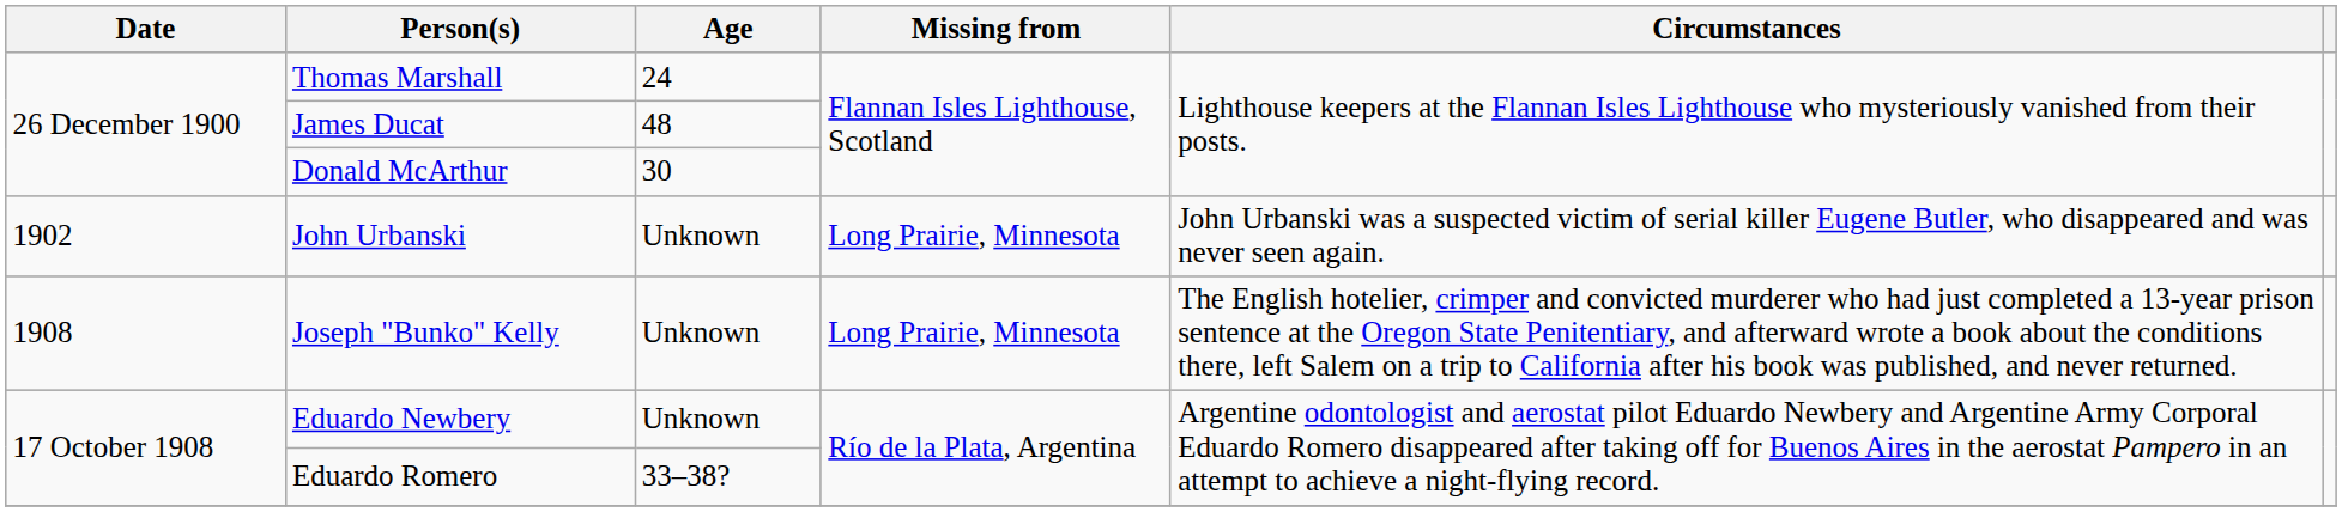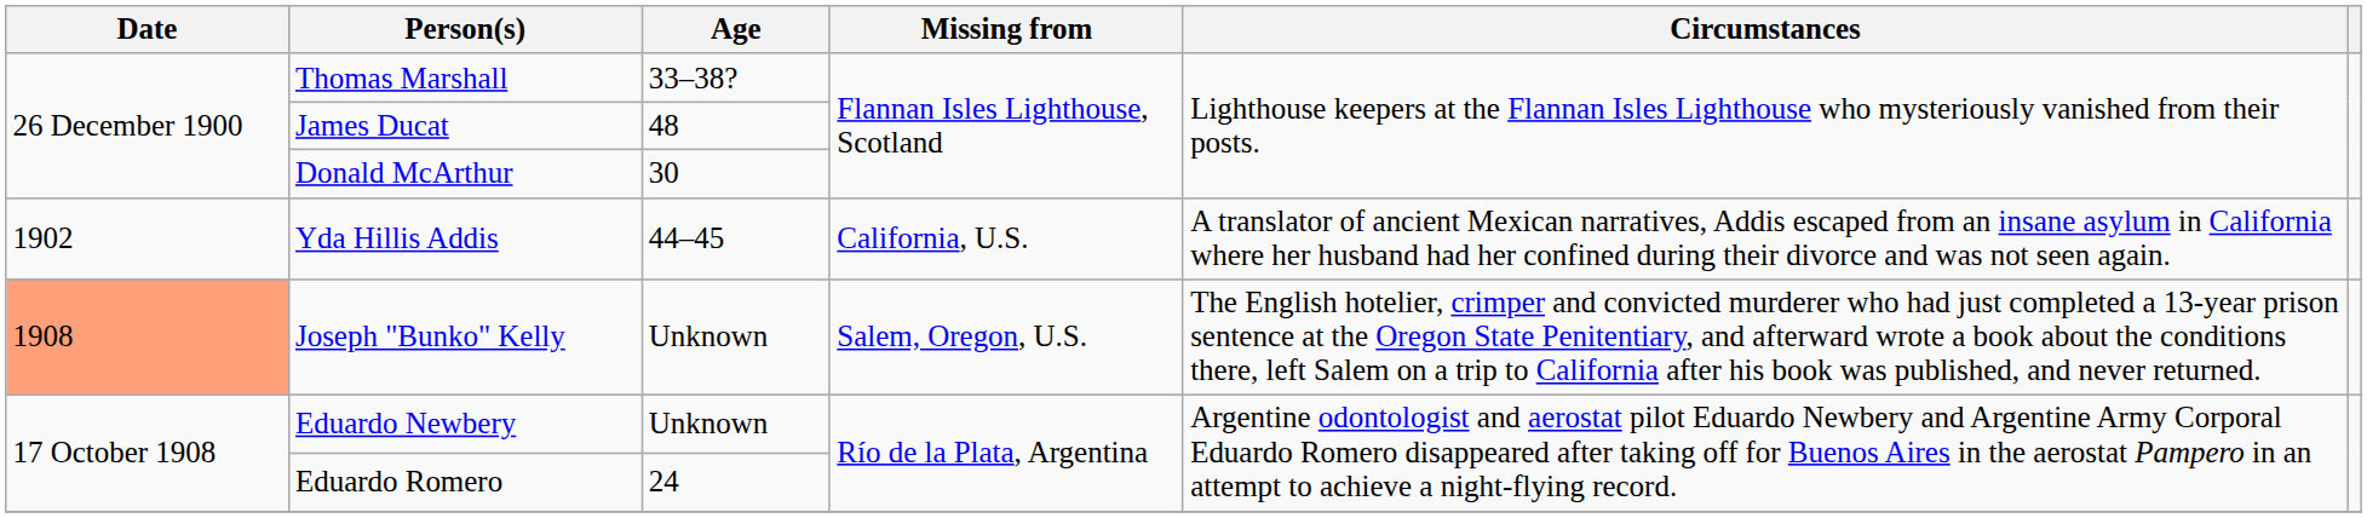 <table class="wikitable sortable zebra">
 <tr>
 <th data-sort-type="isoDate" width="12%">Date</th>
 <th data-sort-type="text" width="15%">Person(s)</th>
 <th data-sort-type="text" width="8%">Age</th>
 <th data-sort-type="text" width="15%">Missing from</th>
 <th class="unsortable">Circumstances</th>
 <th class="unsortable"></th>
 </tr>
 <tr>
 <td rowspan="3" data-sort-value="1900-12-26">26 December 1900</td>
 <td><a href='#'>Thomas Marshall</a></td>
-<td>24</td>
+<td>33–38?</td>
 <td rowspan="3"><a href='#'>Flannan Isles Lighthouse</a>, Scotland</td>
 <td rowspan="3">Lighthouse keepers at the <a href='#'>Flannan Isles Lighthouse</a> who mysteriously vanished from their posts.</td>
 <td style="text-align:center;" rowspan="3"></td>
 </tr>
 <tr>
 <td><a href='#'>James Ducat</a></td>
 <td>48</td>
 </tr>
 <tr>
 <td><a href='#'>Donald McArthur</a></td>
 <td>30</td>
 </tr>
 <tr>
-<td>1902</td>
-<td><a href='#'>John Urbanski</a></td>
-<td>Unknown</td>
-<td><a href='#'>Long Prairie</a>, <a href='#'>Minnesota</a></td>
-<td>John Urbanski was a suspected victim of serial killer <a href='#'>Eugene Butler</a>, who disappeared and was never seen again.</td>
-<td style="text-align: center;"></td>
+<td data-sort-value="1902-01-01">1902</td>
+<td><a href='#'>Yda Hillis Addis</a></td>
+<td>44–45</td>
+<td><a href='#'>California</a>, U.S.</td>
+<td>A translator of ancient Mexican narratives, Addis escaped from an <a href='#'>insane asylum</a> in <a href='#'>California</a> where her husband had her confined during their divorce and was not seen again.</td>
+<td style="text-align:center;"></td>
 </tr>
 <tr>
-<td data-sort-value="1908-01-01"> 1908</td>
+<td data-sort-value="1908-01-01" style="background: lightsalmon;"> 1908</td>
 <td><a href='#'>Joseph "Bunko" Kelly</a></td>
 <td>Unknown</td>
-<td><a href='#'>Long Prairie</a>, <a href='#'>Minnesota</a></td>
+<td><a href='#'>Salem, Oregon</a>, U.S.</td>
 <td>The English hotelier, <a href='#'>crimper</a> and convicted murderer who had just completed a 13-year prison sentence at the <a href='#'>Oregon State Penitentiary</a>, and afterward wrote a book about the conditions there, left Salem on a trip to <a href='#'>California</a> after his book was published, and never returned.</td>
 <td style="text-align:center;"></td>
 </tr>
 <tr>
 <td rowspan="2" data-sort-value="1908-10-17">17 October 1908</td>
 <td><a href='#'>Eduardo Newbery</a></td>
 <td>Unknown</td>
 <td rowspan="2"><a href='#'>Río de la Plata</a>, Argentina</td>
 <td rowspan="2">Argentine <a href='#'>odontologist</a> and <a href='#'>aerostat</a> pilot Eduardo Newbery and Argentine Army Corporal Eduardo Romero disappeared after taking off for <a href='#'>Buenos Aires</a> in the aerostat <em>Pampero</em> in an attempt to achieve a night-flying record.</td>
 <td rowspan="2" style="text-align:center;"></td>
 </tr>
 <tr>
 <td>Eduardo Romero</td>
-<td>33–38?</td>
+<td>24</td>
 </tr>
 <tr>
 </tr>
 </table>
